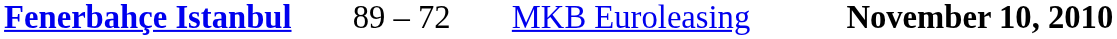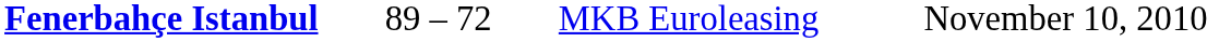 <table style="text-align:center">
 <tr>
 <th width=160></th>
 <th width=100></th>
 <th width=160></th>
 <th width=200></th>
 </tr>
 <tr>
 <td align=right><strong><a href='#'>Fenerbahçe Istanbul</a></strong> </td>
 <td>89 – 72</td>
 <td align=left> <a href='#'>MKB Euroleasing</a></td>
-<td align=left><strong>November 10, 2010 </strong></td>
+<td align=left>November 10, 2010 </td>
 </tr>
 </table>
